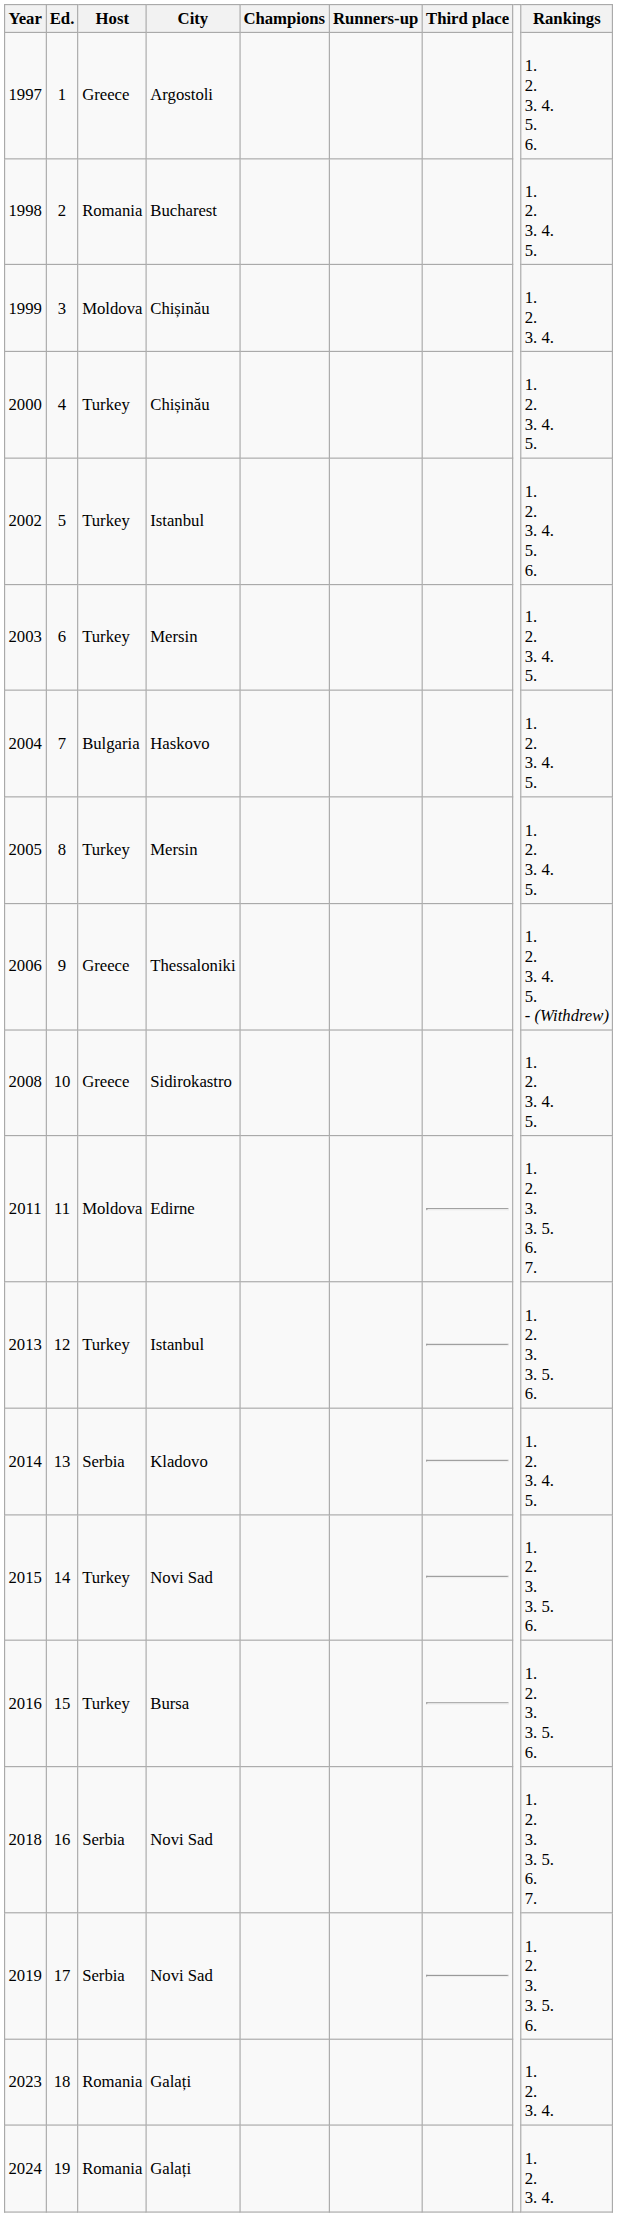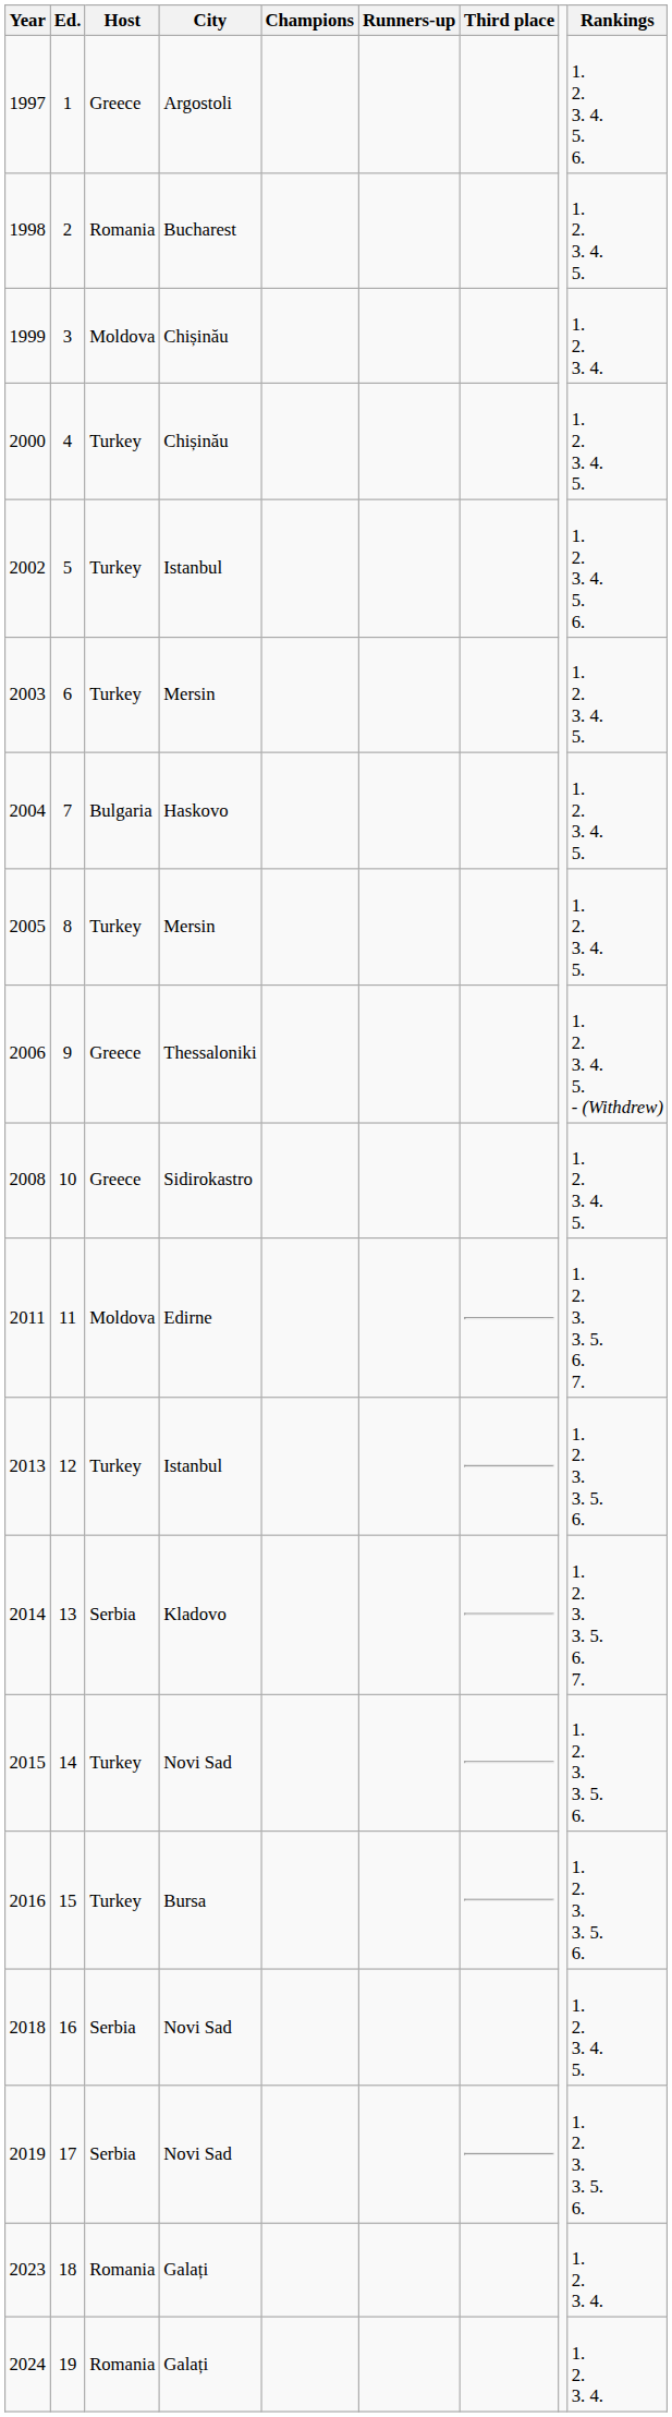 <table class="wikitable" style="font-size:90%;">
 <tr>
 <th>Year</th>
 <th>Ed.</th>
 <th>Host</th>
 <th>City</th>
 <th> Champions</th>
 <th> Runners-up</th>
 <th> Third place</th>
 <td rowspan="20"></td>
 <th>Rankings</th>
 </tr>
 <tr>
 <td align="center">1997</td>
 <td align="center">1</td>
 <td>Greece</td>
 <td>Argostoli</td>
 <td></td>
 <td></td>
 <td></td>
 <td><br> 1. <br>2. <br>3.   4. <br>5. <br>6.  </td>
 </tr>
 <tr>
 <td align="center">1998</td>
 <td align="center">2</td>
 <td>Romania</td>
 <td>Bucharest</td>
 <td></td>
 <td></td>
 <td></td>
 <td><br> 1. <br>2. <br>3.   4. <br>5.  </td>
 </tr>
 <tr>
 <td align="center">1999</td>
 <td align="center">3</td>
 <td>Moldova</td>
 <td>Chișinău</td>
 <td></td>
 <td></td>
 <td></td>
 <td><br> 1. <br>2. <br>3.   4.  </td>
 </tr>
 <tr>
 <td align="center">2000</td>
 <td align="center">4</td>
 <td>Turkey</td>
 <td>Chișinău</td>
 <td></td>
 <td></td>
 <td></td>
 <td><br> 1. <br>2. <br>3.   4. <br>5.  </td>
 </tr>
 <tr>
 <td align="center">2002</td>
 <td align="center">5</td>
 <td>Turkey</td>
 <td>Istanbul</td>
 <td></td>
 <td></td>
 <td></td>
 <td><br> 1. <br>2. <br>3.   4. <br>5. <br>6.  </td>
 </tr>
 <tr>
 <td align="center">2003</td>
 <td align="center">6</td>
 <td>Turkey</td>
 <td>Mersin</td>
 <td></td>
 <td></td>
 <td></td>
 <td><br> 1. <br>2. <br>3.   4. <br>5.  </td>
 </tr>
 <tr>
 <td align="center">2004</td>
 <td align="center">7</td>
 <td>Bulgaria</td>
 <td>Haskovo</td>
 <td></td>
 <td></td>
 <td></td>
 <td><br> 1. <br>2. <br>3.   4. <br>5.  </td>
 </tr>
 <tr>
 <td align="center">2005</td>
 <td align="center">8</td>
 <td>Turkey</td>
 <td>Mersin</td>
 <td></td>
 <td></td>
 <td></td>
 <td><br> 1. <br>2. <br>3.   4. <br>5.  </td>
 </tr>
 <tr>
 <td align="center">2006</td>
 <td align="center">9</td>
 <td>Greece</td>
 <td>Thessaloniki</td>
 <td></td>
 <td></td>
 <td></td>
 <td><br> 1. <br>2. <br>3.   4. <br>5. <br>-  <em>(Withdrew)</em> </td>
 </tr>
 <tr>
 <td align="center">2008</td>
 <td align="center">10</td>
 <td>Greece</td>
 <td>Sidirokastro</td>
 <td></td>
 <td></td>
 <td></td>
 <td><br> 1. <br>2. <br>3.   4. <br>5.  </td>
 </tr>
 <tr>
 <td align="center">2011</td>
 <td align="center">11</td>
 <td>Moldova</td>
 <td>Edirne</td>
 <td></td>
 <td></td>
 <td><hr></td>
 <td><br> 1. <br>2. <br>3. <br>3.   5. <br>6. <br>7.  </td>
 </tr>
 <tr>
 <td align="center">2013</td>
 <td align="center">12</td>
 <td>Turkey</td>
 <td>Istanbul</td>
 <td></td>
 <td></td>
 <td><hr></td>
 <td><br> 1. <br>2. <br>3. <br>3.   5. <br>6.  </td>
 </tr>
 <tr>
 <td align="center">2014</td>
 <td align="center">13</td>
 <td>Serbia</td>
 <td>Kladovo</td>
 <td></td>
 <td></td>
 <td><hr></td>
-<td><br> 1. <br>2. <br>3.   4. <br>5.  </td>
+<td><br> 1. <br>2. <br>3. <br>3.   5. <br>6. <br>7.  </td>
 </tr>
 <tr>
 <td align="center">2015</td>
 <td align="center">14</td>
 <td>Turkey</td>
 <td>Novi Sad</td>
 <td></td>
 <td></td>
 <td><hr></td>
 <td><br> 1. <br>2. <br>3. <br>3.   5. <br>6.  </td>
 </tr>
 <tr>
 <td align="center">2016</td>
 <td align="center">15</td>
 <td>Turkey</td>
 <td>Bursa</td>
 <td></td>
 <td></td>
 <td><hr></td>
 <td><br> 1. <br>2. <br>3. <br>3.   5. <br>6.  </td>
 </tr>
 <tr>
 <td align="center">2018</td>
 <td align="center">16</td>
 <td>Serbia</td>
 <td>Novi Sad</td>
 <td></td>
 <td></td>
 <td></td>
-<td><br> 1. <br>2. <br>3. <br>3.   5. <br>6. <br>7.  </td>
+<td><br> 1. <br>2. <br>3.   4. <br>5.  </td>
 </tr>
 <tr>
 <td align="center">2019</td>
 <td align="center">17</td>
 <td>Serbia</td>
 <td>Novi Sad</td>
 <td></td>
 <td></td>
 <td><hr></td>
 <td><br> 1. <br>2. <br>3. <br>3.   5. <br>6.  </td>
 </tr>
 <tr>
 <td align="center">2023</td>
 <td align="center">18</td>
 <td>Romania</td>
 <td>Galați</td>
 <td></td>
 <td></td>
 <td></td>
 <td><br> 1. <br>2. <br>3.   4.  </td>
 </tr>
 <tr>
 <td align="center">2024</td>
 <td align="center">19</td>
 <td>Romania</td>
 <td>Galați</td>
 <td></td>
 <td></td>
 <td></td>
 <td><br> 1. <br>2. <br>3.   4.  </td>
 </tr>
 </table>
